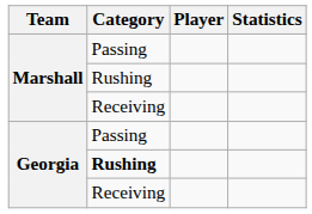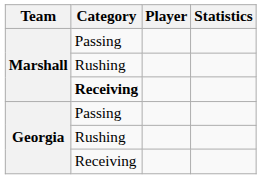 <table class="wikitable" style="float:right">
 <tr>
 <th>Team</th>
 <th>Category</th>
 <th>Player</th>
 <th>Statistics</th>
 </tr>
 <tr>
 <th rowspan=3>Marshall</th>
 <td>Passing</td>
 <td></td>
 <td></td>
 </tr>
 <tr>
 <td>Rushing</td>
 <td></td>
 <td></td>
 </tr>
 <tr>
-<td>Receiving</td>
+<td><strong>Receiving</strong></td>
 <td></td>
 <td></td>
 </tr>
 <tr>
 <th rowspan=3>Georgia</th>
 <td>Passing</td>
 <td></td>
 <td></td>
 </tr>
 <tr>
-<td><strong>Rushing</strong></td>
+<td>Rushing</td>
 <td></td>
 <td></td>
 </tr>
 <tr>
 <td>Receiving</td>
 <td></td>
 <td></td>
 </tr>
 </table>
